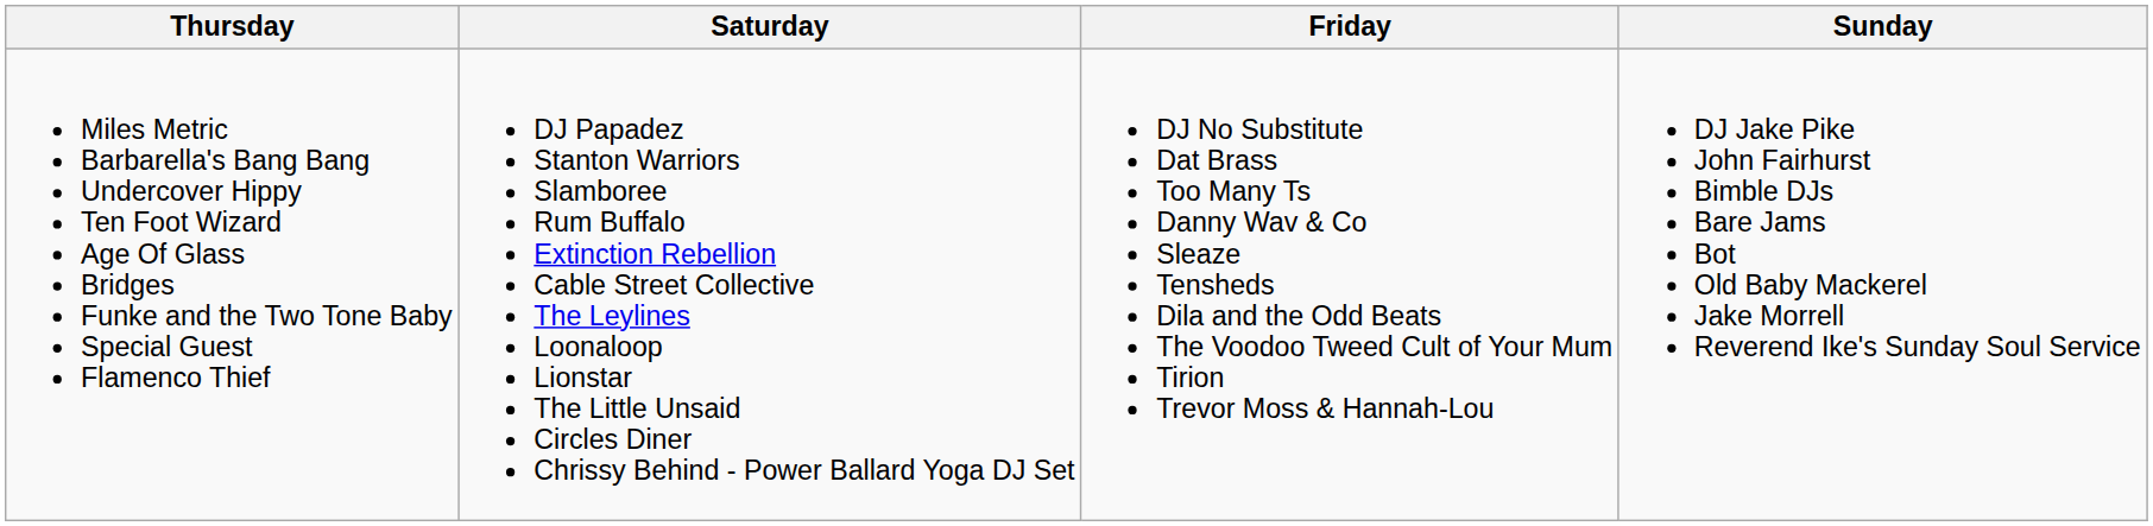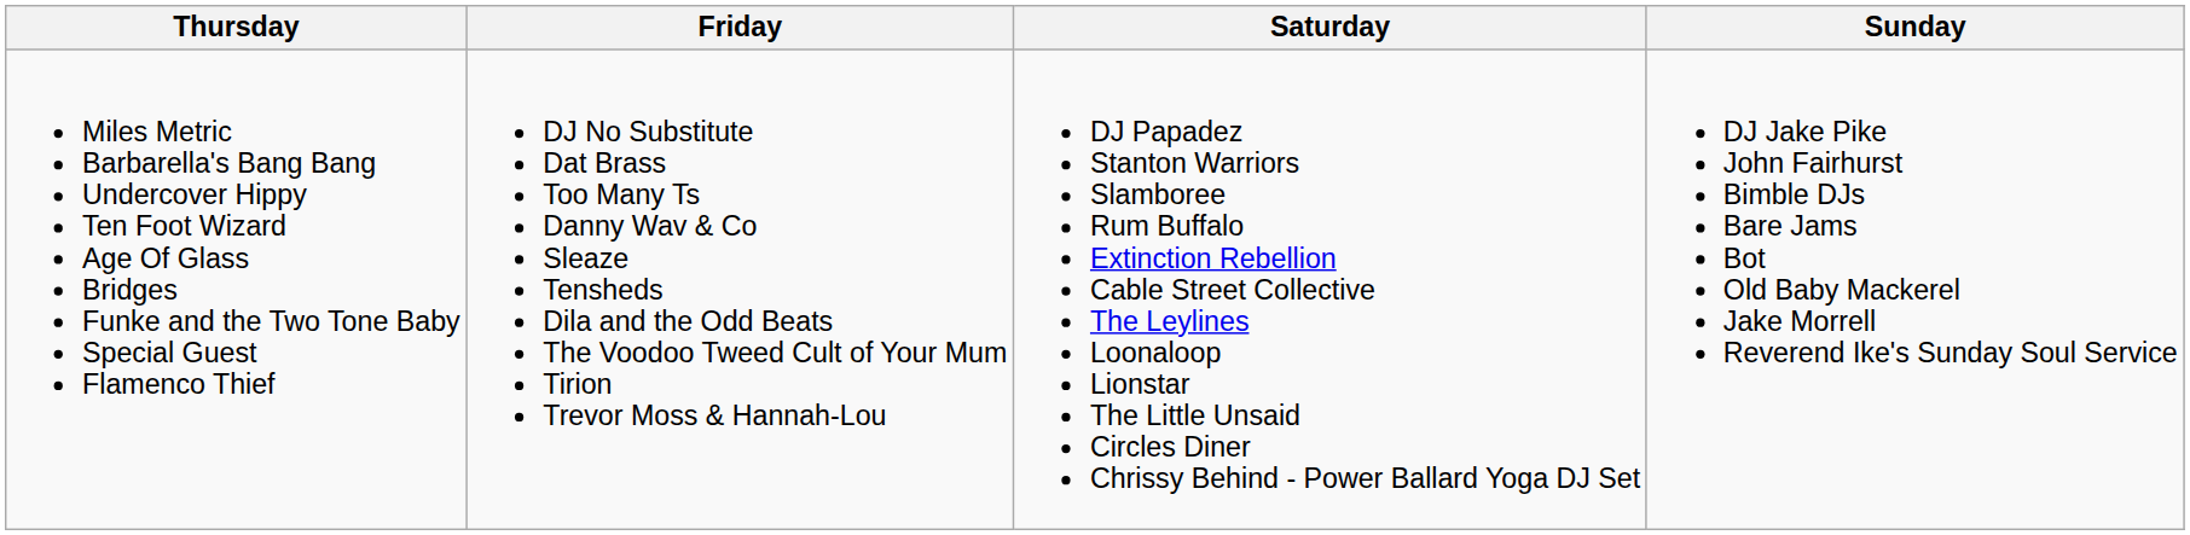 <table class="wikitable">
 <tr>
 <th>Thursday</th>
+<th>Friday</th>
 <th>Saturday</th>
-<th>Friday</th>
 <th>Sunday</th>
 </tr>
 <tr valign="top">
 <td><br><ul><li>Miles Metric</li><li>Barbarella's Bang Bang</li><li>Undercover Hippy</li><li>Ten Foot Wizard</li><li>Age Of Glass</li><li>Bridges</li><li>Funke and the Two Tone Baby</li><li>Special Guest</li><li>Flamenco Thief</li></ul></td>
+<td><br><ul><li>DJ No Substitute</li><li>Dat Brass</li><li>Too Many Ts</li><li>Danny Wav & Co</li><li>Sleaze</li><li>Tensheds</li><li>Dila and the Odd Beats</li><li>The Voodoo Tweed Cult of Your Mum</li><li>Tirion</li><li>Trevor Moss & Hannah-Lou</li></ul></td>
 <td><br><ul><li>DJ Papadez</li><li>Stanton Warriors</li><li>Slamboree</li><li>Rum Buffalo</li><li><a href='#'>Extinction Rebellion</a></li><li>Cable Street Collective</li><li><a href='#'>The Leylines</a></li><li>Loonaloop</li><li>Lionstar</li><li>The Little Unsaid</li><li>Circles Diner</li><li>Chrissy Behind - Power Ballard Yoga DJ Set</li></ul></td>
-<td><br><ul><li>DJ No Substitute</li><li>Dat Brass</li><li>Too Many Ts</li><li>Danny Wav & Co</li><li>Sleaze</li><li>Tensheds</li><li>Dila and the Odd Beats</li><li>The Voodoo Tweed Cult of Your Mum</li><li>Tirion</li><li>Trevor Moss & Hannah-Lou</li></ul></td>
 <td><br><ul><li>DJ Jake Pike</li><li>John Fairhurst</li><li>Bimble DJs</li><li>Bare Jams</li><li>Bot</li><li>Old Baby Mackerel</li><li>Jake Morrell</li><li>Reverend Ike's Sunday Soul Service</li></ul></td>
 </tr>
 </table>
